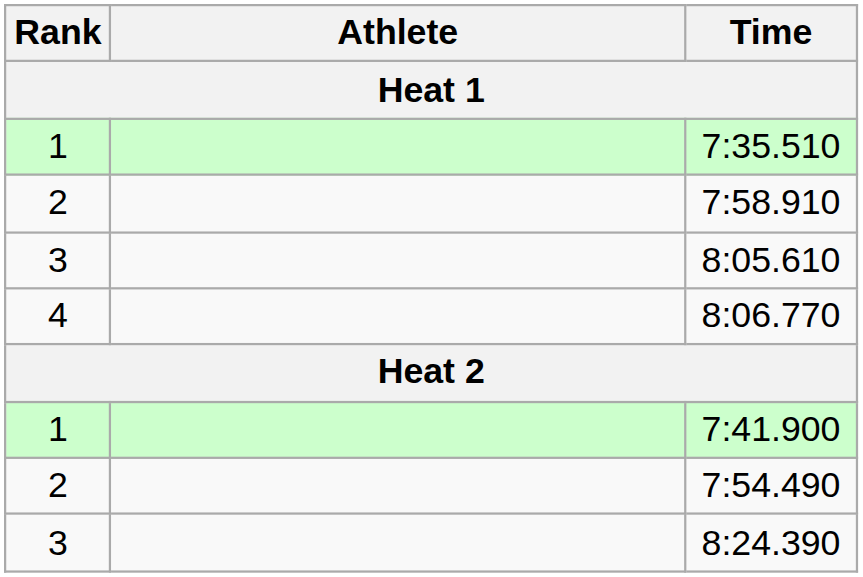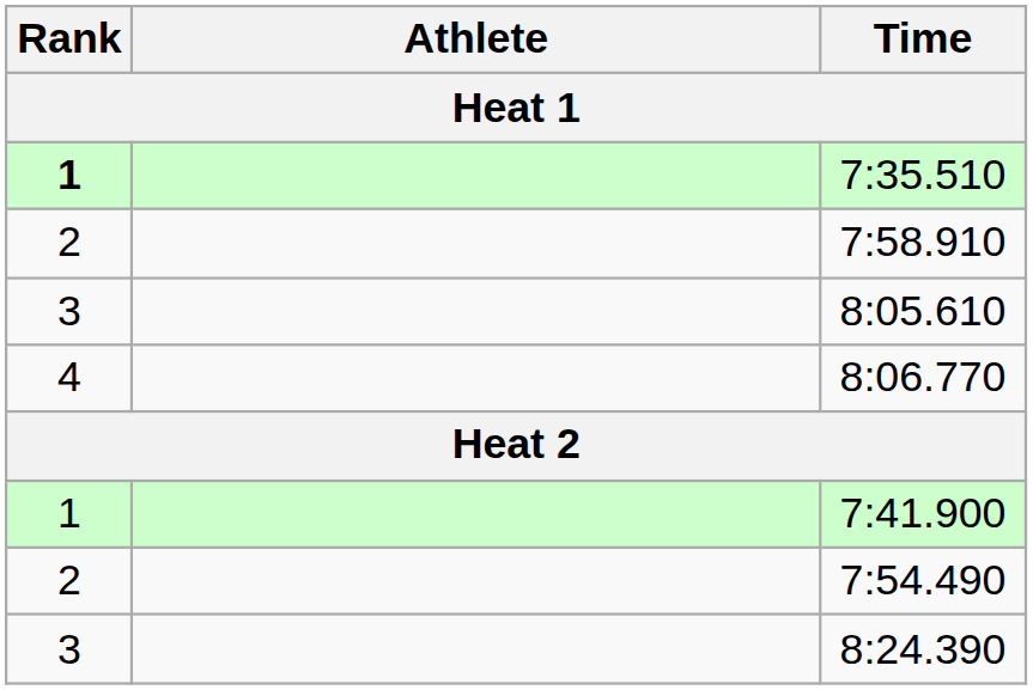 <table class=wikitable style="text-align:center">
 <tr>
 <th width=40>Rank</th>
 <th width=250>Athlete</th>
 <th width=70>Time</th>
 </tr>
 <tr>
 <th colspan=3>Heat 1</th>
 </tr>
 <tr bgcolor="ccffcc">
-<td>1</td>
+<td><strong>1</strong></td>
 <td style="text-align:left"></td>
 <td>7:35.510</td>
 </tr>
 <tr>
 <td>2</td>
 <td style="text-align:left"></td>
 <td>7:58.910</td>
 </tr>
 <tr>
 <td>3</td>
 <td style="text-align:left"></td>
 <td>8:05.610</td>
 </tr>
 <tr>
 <td>4</td>
 <td style="text-align:left"></td>
 <td>8:06.770</td>
 </tr>
 <tr>
 <th colspan=3>Heat 2</th>
 </tr>
 <tr bgcolor="ccffcc">
 <td>1</td>
 <td style="text-align:left"></td>
 <td>7:41.900</td>
 </tr>
 <tr>
 <td>2</td>
 <td style="text-align:left"></td>
 <td>7:54.490</td>
 </tr>
 <tr>
 <td>3</td>
 <td style="text-align:left"></td>
 <td>8:24.390</td>
 </tr>
 </table>
